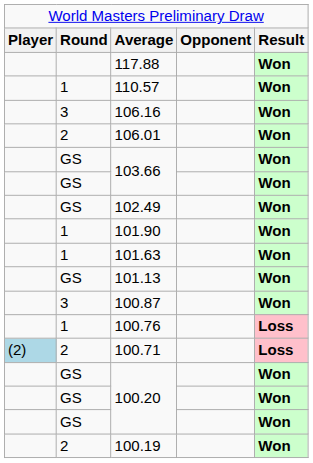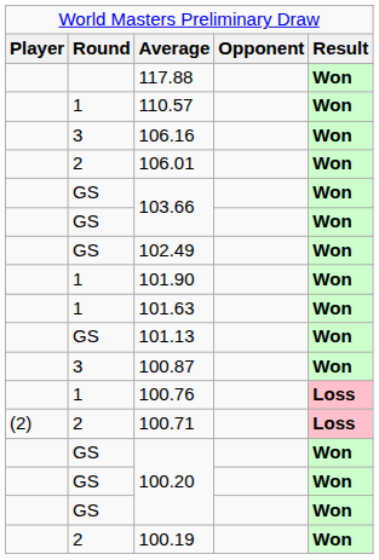 <table class="wikitable sortable">
 <tr>
 <td colspan="5" style="text-align:center;"><a href='#'>World Masters Preliminary Draw</a></td>
 </tr>
 <tr>
 <th>Player</th>
 <th>Round</th>
 <th>Average</th>
 <th>Opponent</th>
 <th>Result</th>
 </tr>
 <tr>
 <td></td>
 <td></td>
 <td>117.88</td>
 <td></td>
 <td style="background:#CCFFCC;"><strong>Won</strong></td>
 </tr>
 <tr>
 <td></td>
 <td>1</td>
 <td>110.57</td>
 <td></td>
 <td style="background:#CCFFCC;"><strong>Won</strong></td>
 </tr>
 <tr>
 <td></td>
 <td>3</td>
 <td>106.16</td>
 <td></td>
 <td style="background:#CCFFCC;"><strong>Won</strong></td>
 </tr>
 <tr>
 <td></td>
 <td>2</td>
 <td>106.01</td>
 <td></td>
 <td style="background:#CCFFCC;"><strong>Won</strong></td>
 </tr>
 <tr>
 <td></td>
 <td>GS</td>
 <td rowspan="2">103.66</td>
 <td></td>
 <td style="background:#CCFFCC;"><strong>Won</strong></td>
 </tr>
 <tr>
 <td></td>
 <td>GS</td>
 <td></td>
 <td style="background:#CCFFCC;"><strong>Won</strong></td>
 </tr>
 <tr>
 <td></td>
 <td>GS</td>
 <td>102.49</td>
 <td></td>
 <td style="background:#CCFFCC;"><strong>Won</strong></td>
 </tr>
 <tr>
 <td></td>
 <td>1</td>
 <td>101.90</td>
 <td></td>
 <td style="background:#CCFFCC;"><strong>Won</strong></td>
 </tr>
 <tr>
 <td></td>
 <td>1</td>
 <td>101.63</td>
 <td></td>
 <td style="background:#CCFFCC;"><strong>Won</strong></td>
 </tr>
 <tr>
 <td></td>
 <td>GS</td>
 <td>101.13</td>
 <td></td>
 <td style="background:#CCFFCC;"><strong>Won</strong></td>
 </tr>
 <tr>
 <td></td>
 <td>3</td>
 <td>100.87</td>
 <td></td>
 <td style="background:#CCFFCC;"><strong>Won</strong></td>
 </tr>
 <tr>
 <td></td>
 <td>1</td>
 <td>100.76</td>
 <td></td>
 <td style="background:pink;"><strong>Loss</strong></td>
 </tr>
 <tr>
-<td style="background: lightblue;"> (2)</td>
+<td> (2)</td>
 <td>2</td>
 <td>100.71</td>
 <td></td>
 <td style="background:pink;"><strong>Loss</strong></td>
 </tr>
 <tr>
 <td></td>
 <td>GS</td>
 <td rowspan="3">100.20</td>
 <td></td>
 <td style="background:#CCFFCC;"><strong>Won</strong></td>
 </tr>
 <tr>
 <td></td>
 <td>GS</td>
 <td></td>
 <td style="background:#CCFFCC;"><strong>Won</strong></td>
 </tr>
 <tr>
 <td></td>
 <td>GS</td>
 <td></td>
 <td style="background:#CCFFCC;"><strong>Won</strong></td>
 </tr>
 <tr>
 <td></td>
 <td>2</td>
 <td>100.19</td>
 <td></td>
 <td style="background:#CCFFCC;"><strong>Won</strong></td>
 </tr>
 </table>
